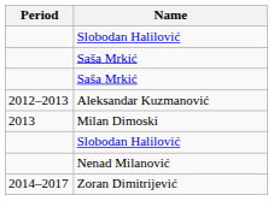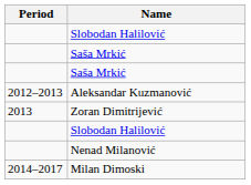 <table class="wikitable">
 <tr>
 <th width="75">Period</th>
 <th width="225">Name</th>
 </tr>
 <tr>
 <td></td>
 <td> <a href='#'>Slobodan Halilović</a></td>
 </tr>
 <tr>
 <td></td>
 <td> <a href='#'>Saša Mrkić</a></td>
 </tr>
 <tr>
 <td></td>
 <td> <a href='#'>Saša Mrkić</a></td>
 </tr>
 <tr>
 <td>2012–2013</td>
 <td> Aleksandar Kuzmanović</td>
 </tr>
 <tr>
 <td>2013</td>
-<td> Milan Dimoski</td>
+<td> Zoran Dimitrijević</td>
 </tr>
 <tr>
 <td></td>
 <td> <a href='#'>Slobodan Halilović</a></td>
 </tr>
 <tr>
 <td></td>
 <td> Nenad Milanović</td>
 </tr>
 <tr>
 <td>2014–2017</td>
-<td> Zoran Dimitrijević</td>
+<td> Milan Dimoski</td>
 </tr>
 </table>
